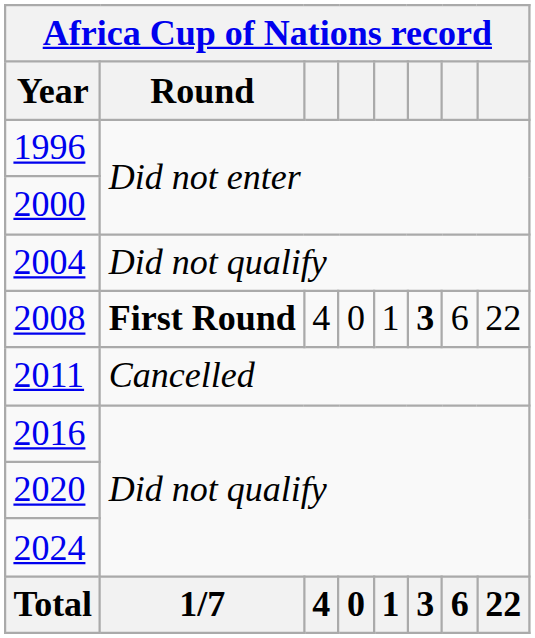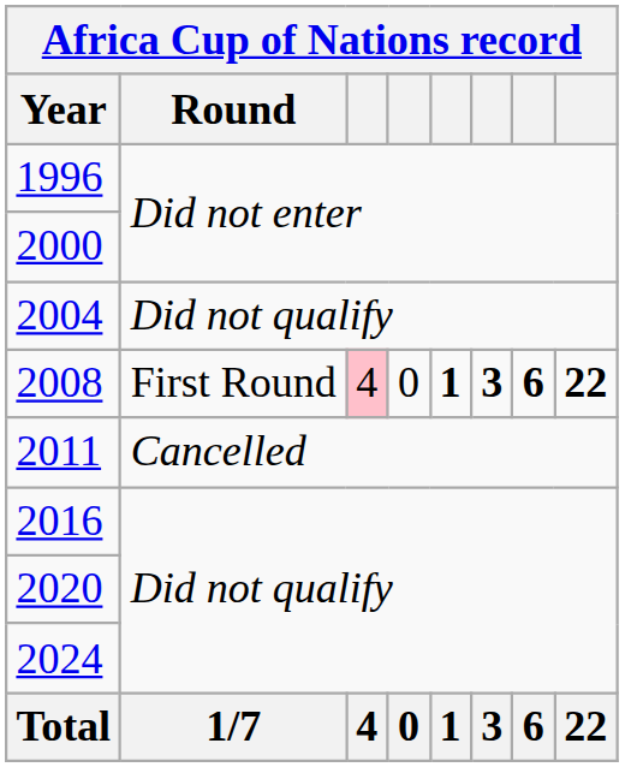 <table class="wikitable">
 <tr>
 <th colspan="8"><a href='#'>Africa Cup of Nations record</a></th>
 </tr>
 <tr>
 <th>Year</th>
 <th>Round</th>
 <th></th>
 <th></th>
 <th></th>
 <th></th>
 <th></th>
 <th></th>
 </tr>
 <tr>
 <td> <a href='#'>1996</a></td>
 <td colspan="7" rowspan="2"><em>Did not enter</em></td>
 </tr>
 <tr>
 <td> <a href='#'>2000</a></td>
 </tr>
 <tr>
 <td> <a href='#'>2004</a></td>
 <td colspan="7"><em>Did not qualify</em></td>
 </tr>
 <tr>
 <td> <a href='#'>2008</a></td>
-<td><strong>First Round</strong></td>
-<td>4</td>
+<td>First Round</td>
+<td style="background: pink;">4</td>
 <td>0</td>
-<td>1</td>
+<td><strong>1</strong></td>
 <td><strong>3</strong></td>
-<td>6</td>
-<td>22</td>
+<td><strong>6</strong></td>
+<td><strong>22</strong></td>
 </tr>
 <tr>
 <td> <a href='#'>2011</a></td>
 <td colspan="7"><em>Cancelled</em></td>
 </tr>
 <tr>
 <td> <a href='#'>2016</a></td>
 <td colspan="7" rowspan="3"><em>Did not qualify</em></td>
 </tr>
 <tr>
 <td> <a href='#'>2020</a></td>
 </tr>
 <tr>
 <td> <a href='#'>2024</a></td>
 </tr>
 <tr>
 <th>Total</th>
 <th>1/7</th>
 <th>4</th>
 <th>0</th>
 <th>1</th>
 <th>3</th>
 <th>6</th>
 <th>22</th>
 </tr>
 </table>
